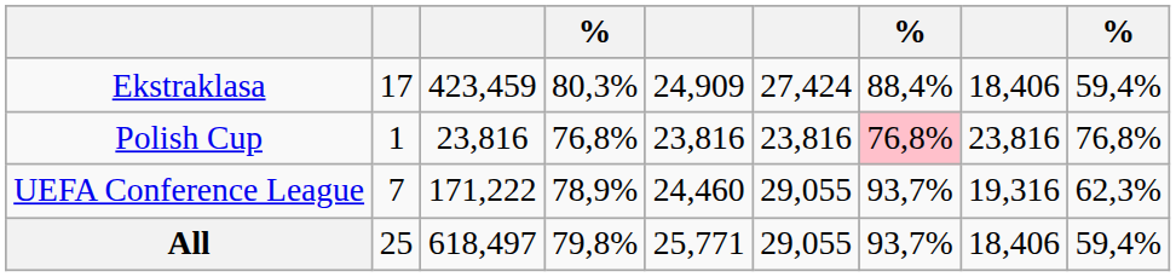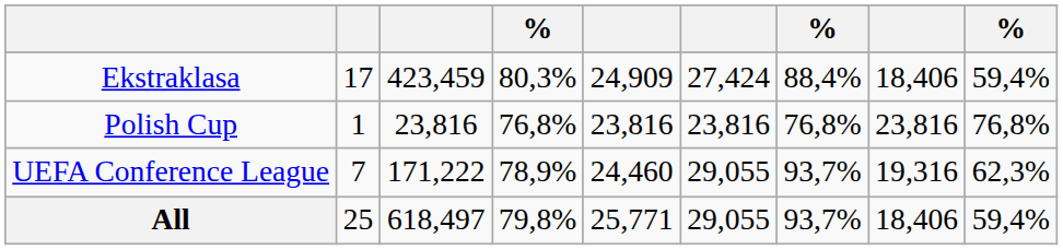 <table class="wikitable sortable" style="text-align: center;">
 <tr>
 <th></th>
 <th></th>
 <th></th>
 <th>%</th>
 <th></th>
 <th></th>
 <th>%</th>
 <th></th>
 <th>%</th>
 </tr>
 <tr>
 <td><a href='#'>Ekstraklasa</a></td>
 <td>17</td>
 <td>423,459</td>
 <td>80,3%</td>
 <td>24,909</td>
 <td>27,424</td>
 <td>88,4%</td>
 <td>18,406</td>
 <td>59,4%</td>
 </tr>
 <tr>
 <td><a href='#'>Polish Cup</a></td>
 <td>1</td>
 <td>23,816</td>
 <td>76,8%</td>
 <td>23,816</td>
 <td>23,816</td>
-<td style="background: pink;">76,8%</td>
+<td>76,8%</td>
 <td>23,816</td>
 <td>76,8%</td>
 </tr>
 <tr>
 <td><a href='#'>UEFA Conference League</a></td>
 <td>7</td>
 <td>171,222</td>
 <td>78,9%</td>
 <td>24,460</td>
 <td>29,055</td>
 <td>93,7%</td>
 <td>19,316</td>
 <td>62,3%</td>
 </tr>
 <tr>
 <th>All</th>
 <td>25</td>
 <td>618,497</td>
 <td>79,8%</td>
 <td>25,771</td>
 <td>29,055</td>
 <td>93,7%</td>
 <td>18,406</td>
 <td>59,4%</td>
 </tr>
 </table>
